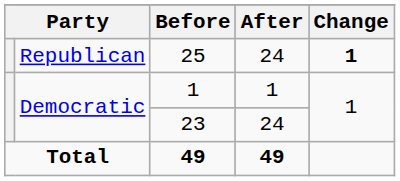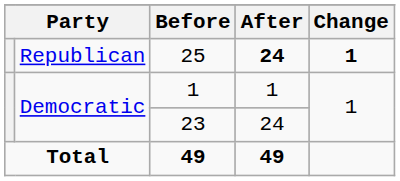 <table class="wikitable" style="text-align:center;">
 <tr>
 </tr>
 <tr>
 <th colspan=2>Party</th>
 <th>Before</th>
 <th>After</th>
 <th>Change</th>
 </tr>
 <tr>
 <th style="background-color:"></th>
 <td style="text-align:left;"><a href='#'>Republican</a></td>
 <td>25</td>
-<td>24</td>
+<td><strong>24</strong></td>
 <td><strong> 1</strong></td>
 </tr>
 <tr>
 <th rowspan=2 style="background-color:"></th>
 <td rowspan=2 style="text-align:left;"><a href='#'>Democratic</a></td>
 <td>1</td>
 <td>1</td>
 <td rowspan=2> 1</td>
 </tr>
 <tr>
 <td>23</td>
 <td>24</td>
 </tr>
 <tr>
 <td colspan=2><strong>Total</strong></td>
 <td><strong>49</strong></td>
 <td><strong>49</strong></td>
 <td></td>
 </tr>
 </table>
